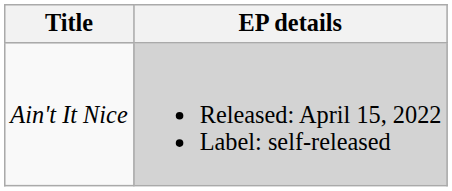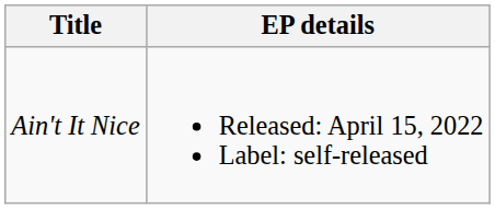 <table class=wikitable>
 <tr>
 <th>Title</th>
 <th>EP details</th>
 </tr>
 <tr>
 <td><em>Ain't It Nice</em></td>
-<td style="background: lightgrey;"><br><ul><li>Released: April 15, 2022</li><li>Label: self-released</li></ul></td>
+<td><br><ul><li>Released: April 15, 2022</li><li>Label: self-released</li></ul></td>
 </tr>
 </table>
